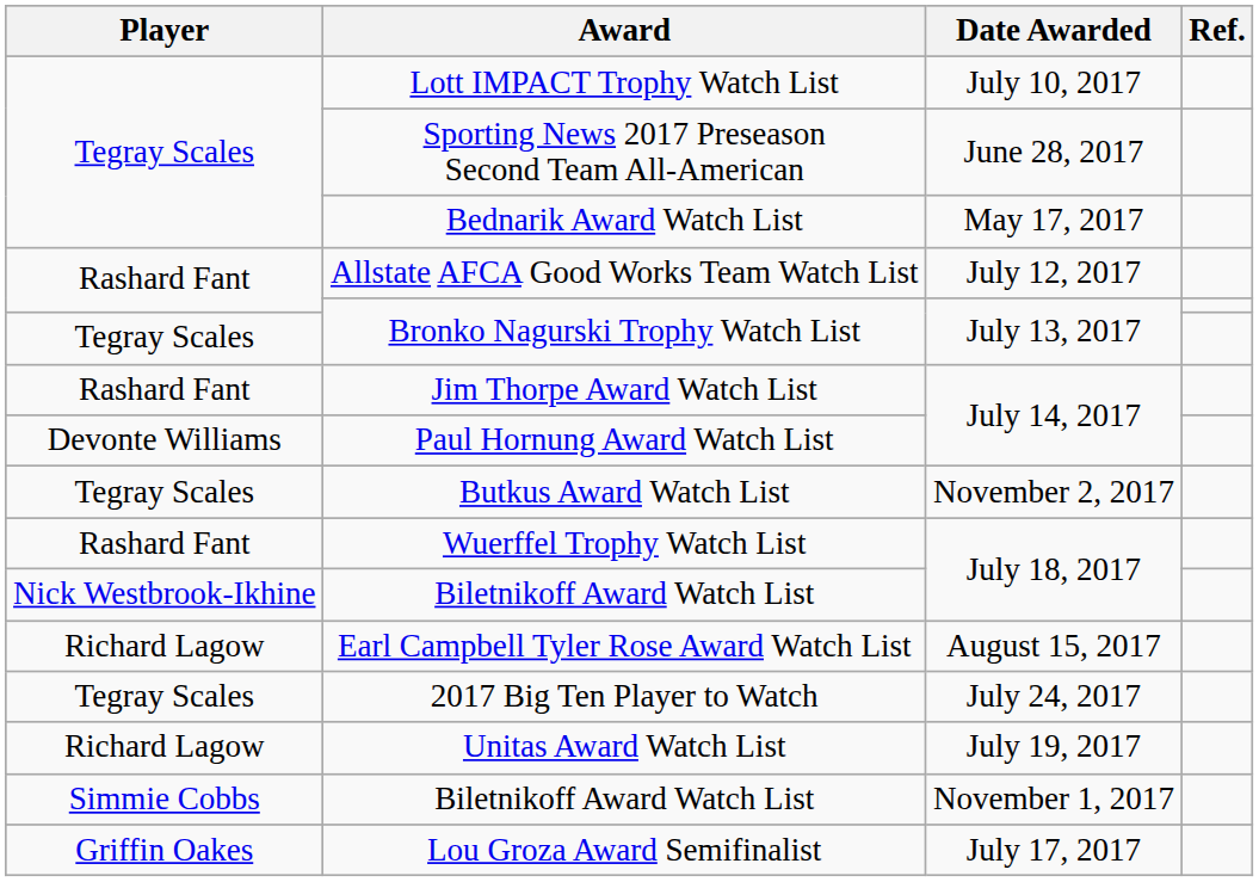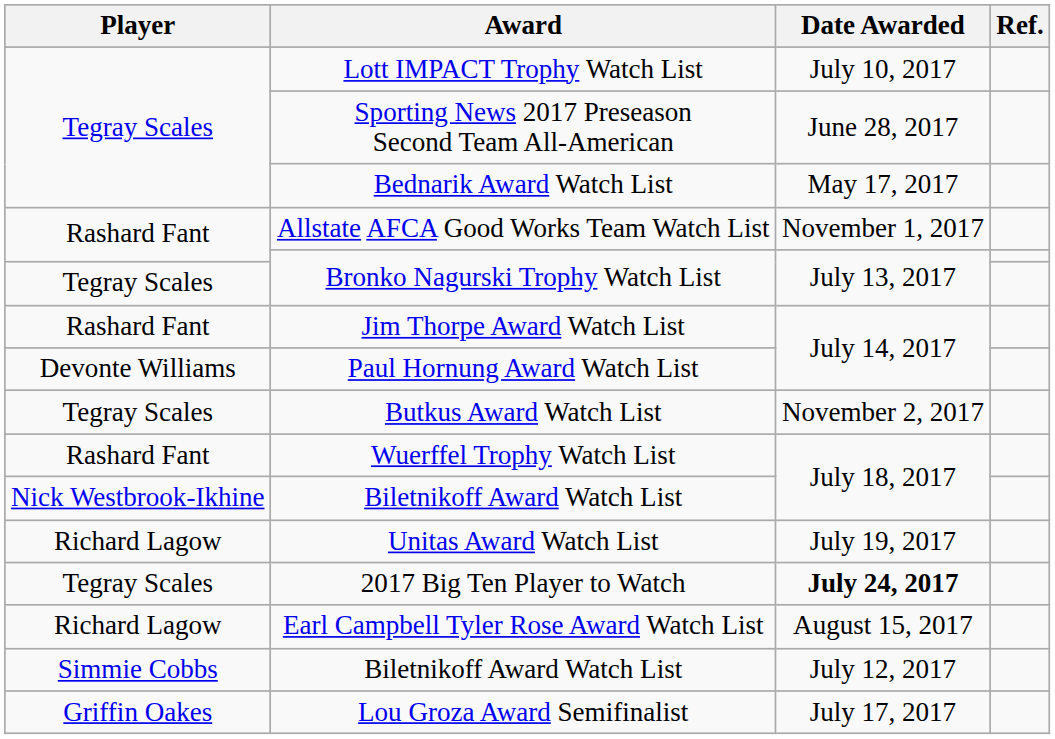 <table class="wikitable sortable sortable" style="text-align: center">
 <tr align=center>
 <th>Player</th>
 <th>Award</th>
 <th>Date Awarded</th>
 <th>Ref.</th>
 </tr>
 <tr>
 <td rowspan="3"><a href='#'>Tegray Scales</a></td>
 <td><a href='#'>Lott IMPACT Trophy</a> Watch List</td>
 <td>July 10, 2017</td>
 <td></td>
 </tr>
 <tr>
 <td><a href='#'>Sporting News</a> 2017 Preseason<br>Second Team All-American</td>
 <td>June 28, 2017</td>
 <td></td>
 </tr>
 <tr>
 <td><a href='#'>Bednarik Award</a> Watch List</td>
 <td>May 17, 2017</td>
 <td></td>
 </tr>
 <tr>
 <td rowspan="2">Rashard Fant</td>
 <td><a href='#'>Allstate</a> <a href='#'>AFCA</a> Good Works Team Watch List</td>
-<td>July 12, 2017</td>
+<td>November 1, 2017</td>
 <td></td>
 </tr>
 <tr>
 <td rowspan="2"><a href='#'>Bronko Nagurski Trophy</a> Watch List</td>
 <td rowspan="2">July 13, 2017</td>
 <td></td>
 </tr>
 <tr>
 <td>Tegray Scales</td>
 <td></td>
 </tr>
 <tr>
 <td>Rashard Fant</td>
 <td><a href='#'>Jim Thorpe Award</a> Watch List</td>
 <td rowspan="2">July 14, 2017</td>
 <td></td>
 </tr>
 <tr>
 <td>Devonte Williams</td>
 <td><a href='#'>Paul Hornung Award</a> Watch List</td>
 <td></td>
 </tr>
 <tr>
 <td>Tegray Scales</td>
 <td><a href='#'>Butkus Award</a> Watch List</td>
 <td>November 2, 2017</td>
 <td></td>
 </tr>
 <tr>
 <td>Rashard Fant</td>
 <td><a href='#'>Wuerffel Trophy</a> Watch List</td>
 <td rowspan="2">July 18, 2017</td>
 <td></td>
 </tr>
 <tr>
 <td><a href='#'>Nick Westbrook-Ikhine</a></td>
 <td><a href='#'>Biletnikoff Award</a> Watch List</td>
 <td></td>
 </tr>
 <tr>
 <td>Richard Lagow</td>
+<td><a href='#'>Unitas Award</a> Watch List</td>
+<td>July 19, 2017</td>
+<td></td>
+</tr>
+<tr>
+<td>Tegray Scales</td>
+<td>2017 Big Ten Player to Watch</td>
+<td><strong>July 24, 2017</strong></td>
+<td></td>
+</tr>
+<tr>
+<td>Richard Lagow</td>
 <td><a href='#'>Earl Campbell Tyler Rose Award</a> Watch List</td>
 <td>August 15, 2017</td>
 <td></td>
 </tr>
 <tr>
-<td>Tegray Scales</td>
-<td>2017 Big Ten Player to Watch</td>
-<td>July 24, 2017</td>
-<td></td>
-</tr>
-<tr>
-<td>Richard Lagow</td>
-<td><a href='#'>Unitas Award</a> Watch List</td>
-<td>July 19, 2017</td>
-<td></td>
-</tr>
-<tr>
 <td><a href='#'>Simmie Cobbs</a></td>
 <td>Biletnikoff Award Watch List</td>
-<td>November 1, 2017</td>
+<td>July 12, 2017</td>
 <td></td>
 </tr>
 <tr>
 <td><a href='#'>Griffin Oakes</a></td>
 <td><a href='#'>Lou Groza Award</a> Semifinalist</td>
 <td>July 17, 2017</td>
 <td></td>
 </tr>
 </table>
